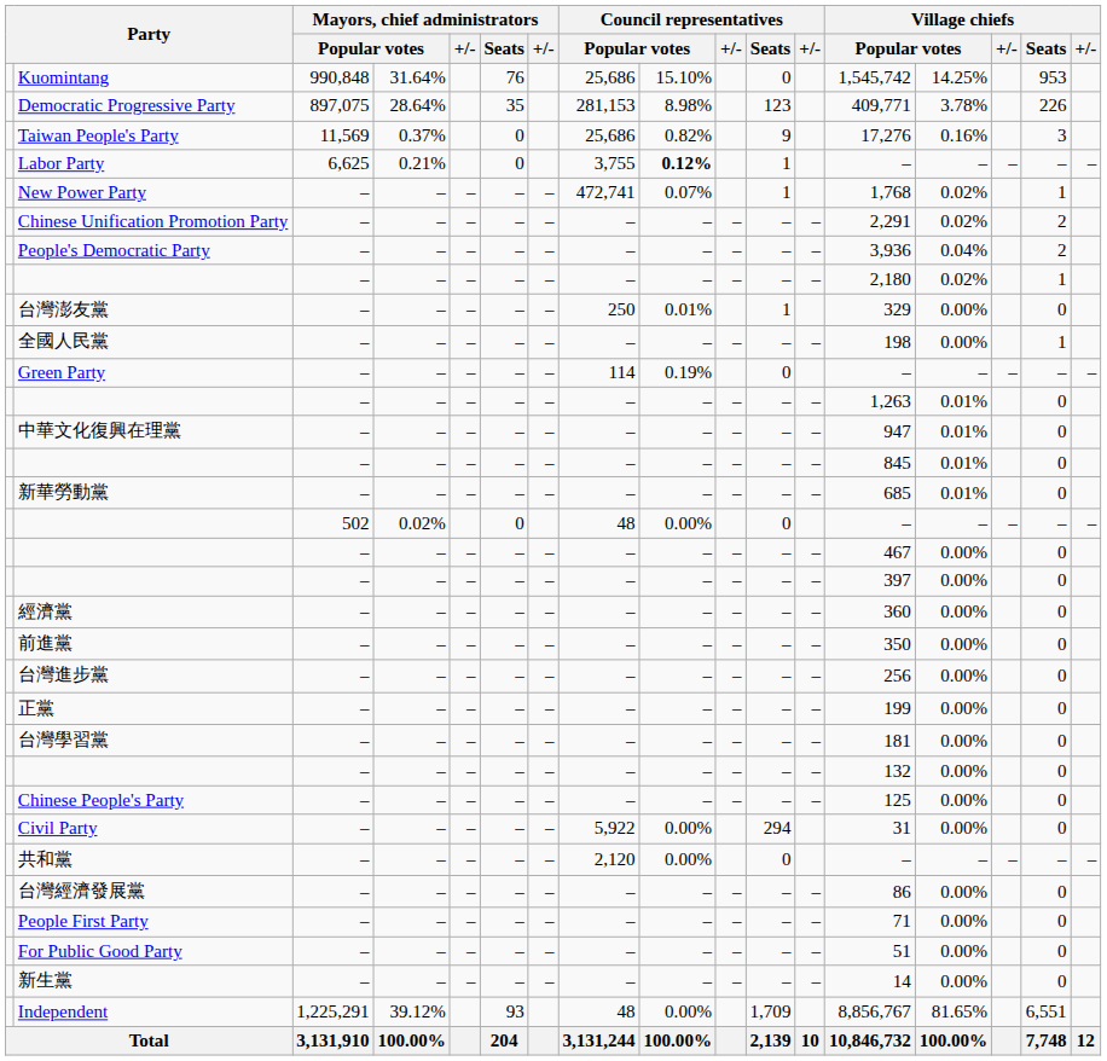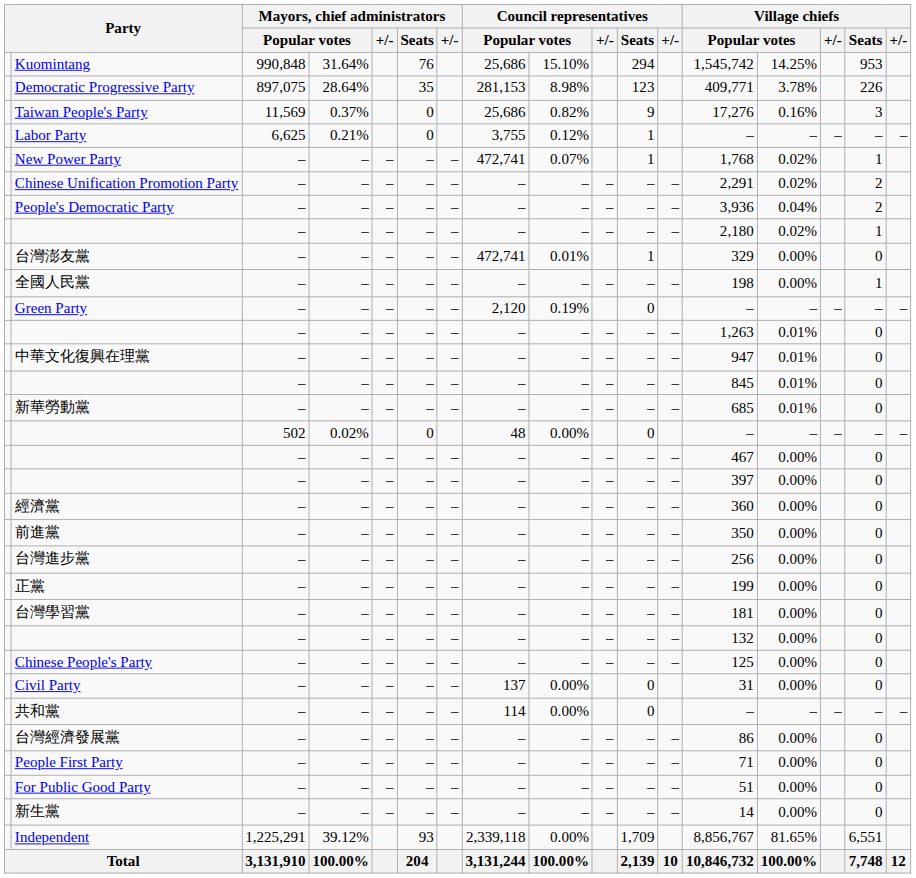 <table class="wikitable" style="text-align:right;">
 <tr>
 <th colspan="2" rowspan="2">Party</th>
 <th colspan="5">Mayors, chief administrators</th>
 <th colspan="5">Council representatives</th>
 <th colspan="5">Village chiefs</th>
 </tr>
 <tr>
 <th colspan="2">Popular votes</th>
 <th>+/-</th>
 <th>Seats</th>
 <th>+/-</th>
 <th colspan="2">Popular votes</th>
 <th>+/-</th>
 <th>Seats</th>
 <th>+/-</th>
 <th colspan="2">Popular votes</th>
 <th>+/-</th>
 <th>Seats</th>
 <th>+/-</th>
 </tr>
 <tr>
 <td></td>
 <td align="left"><a href='#'>Kuomintang</a></td>
 <td>990,848</td>
 <td>31.64%</td>
 <td></td>
 <td>76</td>
 <td></td>
 <td>25,686</td>
 <td>15.10%</td>
 <td></td>
-<td>0</td>
+<td>294</td>
 <td></td>
 <td>1,545,742</td>
 <td>14.25%</td>
 <td></td>
 <td>953</td>
 <td></td>
 </tr>
 <tr>
 <td></td>
 <td align="left"><a href='#'>Democratic Progressive Party</a></td>
 <td>897,075</td>
 <td>28.64%</td>
 <td></td>
 <td>35</td>
 <td></td>
 <td>281,153</td>
 <td>8.98%</td>
 <td></td>
 <td>123</td>
 <td></td>
 <td>409,771</td>
 <td>3.78%</td>
 <td></td>
 <td>226</td>
 <td></td>
 </tr>
 <tr>
 <td></td>
 <td align="left"><a href='#'>Taiwan People's Party</a></td>
 <td>11,569</td>
 <td>0.37%</td>
 <td></td>
 <td>0</td>
 <td></td>
 <td>25,686</td>
 <td>0.82%</td>
 <td></td>
 <td>9</td>
 <td></td>
 <td>17,276</td>
 <td>0.16%</td>
 <td></td>
 <td>3</td>
 <td></td>
 </tr>
 <tr>
 <td></td>
 <td align="left"><a href='#'>Labor Party</a></td>
 <td>6,625</td>
 <td>0.21%</td>
 <td></td>
 <td>0</td>
 <td></td>
 <td>3,755</td>
-<td><strong>0.12%</strong></td>
+<td>0.12%</td>
 <td></td>
 <td>1</td>
 <td></td>
 <td>–</td>
 <td>–</td>
 <td>–</td>
 <td>–</td>
 <td>–</td>
 </tr>
 <tr>
 <td></td>
 <td align="left"><a href='#'>New Power Party</a></td>
 <td>–</td>
 <td>–</td>
 <td>–</td>
 <td>–</td>
 <td>–</td>
 <td>472,741</td>
 <td>0.07%</td>
 <td></td>
 <td>1</td>
 <td></td>
 <td>1,768</td>
 <td>0.02%</td>
 <td></td>
 <td>1</td>
 <td></td>
 </tr>
 <tr>
 <td></td>
 <td align="left"><a href='#'>Chinese Unification Promotion Party</a></td>
 <td>–</td>
 <td>–</td>
 <td>–</td>
 <td>–</td>
 <td>–</td>
 <td>–</td>
 <td>–</td>
 <td>–</td>
 <td>–</td>
 <td>–</td>
 <td>2,291</td>
 <td>0.02%</td>
 <td></td>
 <td>2</td>
 <td></td>
 </tr>
 <tr>
 <td></td>
 <td align="left"><a href='#'>People's Democratic Party</a></td>
 <td>–</td>
 <td>–</td>
 <td>–</td>
 <td>–</td>
 <td>–</td>
 <td>–</td>
 <td>–</td>
 <td>–</td>
 <td>–</td>
 <td>–</td>
 <td>3,936</td>
 <td>0.04%</td>
 <td></td>
 <td>2</td>
 <td></td>
 </tr>
 <tr>
 <td></td>
 <td align="left"></td>
 <td>–</td>
 <td>–</td>
 <td>–</td>
 <td>–</td>
 <td>–</td>
 <td>–</td>
 <td>–</td>
 <td>–</td>
 <td>–</td>
 <td>–</td>
 <td>2,180</td>
 <td>0.02%</td>
 <td></td>
 <td>1</td>
 <td></td>
 </tr>
 <tr>
 <td></td>
 <td align="left">台灣澎友黨</td>
 <td>–</td>
 <td>–</td>
 <td>–</td>
 <td>–</td>
 <td>–</td>
-<td>250</td>
+<td>472,741</td>
 <td>0.01%</td>
 <td></td>
 <td>1</td>
 <td></td>
 <td>329</td>
 <td>0.00%</td>
 <td></td>
 <td>0</td>
 <td></td>
 </tr>
 <tr>
 <td></td>
 <td align="left">全國人民黨</td>
 <td>–</td>
 <td>–</td>
 <td>–</td>
 <td>–</td>
 <td>–</td>
 <td>–</td>
 <td>–</td>
 <td>–</td>
 <td>–</td>
 <td>–</td>
 <td>198</td>
 <td>0.00%</td>
 <td></td>
 <td>1</td>
 <td></td>
 </tr>
 <tr>
 <td></td>
 <td align="left"><a href='#'>Green Party</a></td>
 <td>–</td>
 <td>–</td>
 <td>–</td>
 <td>–</td>
 <td>–</td>
-<td>114</td>
+<td>2,120</td>
 <td>0.19%</td>
 <td></td>
 <td>0</td>
 <td></td>
 <td>–</td>
 <td>–</td>
 <td>–</td>
 <td>–</td>
 <td>–</td>
 </tr>
 <tr>
 <td></td>
 <td align="left"></td>
 <td>–</td>
 <td>–</td>
 <td>–</td>
 <td>–</td>
 <td>–</td>
 <td>–</td>
 <td>–</td>
 <td>–</td>
 <td>–</td>
 <td>–</td>
 <td>1,263</td>
 <td>0.01%</td>
 <td></td>
 <td>0</td>
 <td></td>
 </tr>
 <tr>
 <td></td>
 <td align="left">中華文化復興在理黨</td>
 <td>–</td>
 <td>–</td>
 <td>–</td>
 <td>–</td>
 <td>–</td>
 <td>–</td>
 <td>–</td>
 <td>–</td>
 <td>–</td>
 <td>–</td>
 <td>947</td>
 <td>0.01%</td>
 <td></td>
 <td>0</td>
 <td></td>
 </tr>
 <tr>
 <td></td>
 <td align="left"></td>
 <td>–</td>
 <td>–</td>
 <td>–</td>
 <td>–</td>
 <td>–</td>
 <td>–</td>
 <td>–</td>
 <td>–</td>
 <td>–</td>
 <td>–</td>
 <td>845</td>
 <td>0.01%</td>
 <td></td>
 <td>0</td>
 <td></td>
 </tr>
 <tr>
 <td></td>
 <td align="left">新華勞動黨</td>
 <td>–</td>
 <td>–</td>
 <td>–</td>
 <td>–</td>
 <td>–</td>
 <td>–</td>
 <td>–</td>
 <td>–</td>
 <td>–</td>
 <td>–</td>
 <td>685</td>
 <td>0.01%</td>
 <td></td>
 <td>0</td>
 <td></td>
 </tr>
 <tr>
 <td></td>
 <td align="left"></td>
 <td>502</td>
 <td>0.02%</td>
 <td></td>
 <td>0</td>
 <td></td>
 <td>48</td>
 <td>0.00%</td>
 <td></td>
 <td>0</td>
 <td></td>
 <td>–</td>
 <td>–</td>
 <td>–</td>
 <td>–</td>
 <td>–</td>
 </tr>
 <tr>
 <td></td>
 <td align="left"></td>
 <td>–</td>
 <td>–</td>
 <td>–</td>
 <td>–</td>
 <td>–</td>
 <td>–</td>
 <td>–</td>
 <td>–</td>
 <td>–</td>
 <td>–</td>
 <td>467</td>
 <td>0.00%</td>
 <td></td>
 <td>0</td>
 <td></td>
 </tr>
 <tr>
 <td></td>
 <td align="left"></td>
 <td>–</td>
 <td>–</td>
 <td>–</td>
 <td>–</td>
 <td>–</td>
 <td>–</td>
 <td>–</td>
 <td>–</td>
 <td>–</td>
 <td>–</td>
 <td>397</td>
 <td>0.00%</td>
 <td></td>
 <td>0</td>
 <td></td>
 </tr>
 <tr>
 <td></td>
 <td align="left">經濟黨</td>
 <td>–</td>
 <td>–</td>
 <td>–</td>
 <td>–</td>
 <td>–</td>
 <td>–</td>
 <td>–</td>
 <td>–</td>
 <td>–</td>
 <td>–</td>
 <td>360</td>
 <td>0.00%</td>
 <td></td>
 <td>0</td>
 <td></td>
 </tr>
 <tr>
 <td></td>
 <td align="left">前進黨</td>
 <td>–</td>
 <td>–</td>
 <td>–</td>
 <td>–</td>
 <td>–</td>
 <td>–</td>
 <td>–</td>
 <td>–</td>
 <td>–</td>
 <td>–</td>
 <td>350</td>
 <td>0.00%</td>
 <td></td>
 <td>0</td>
 <td></td>
 </tr>
 <tr>
 <td></td>
 <td align="left">台灣進步黨</td>
 <td>–</td>
 <td>–</td>
 <td>–</td>
 <td>–</td>
 <td>–</td>
 <td>–</td>
 <td>–</td>
 <td>–</td>
 <td>–</td>
 <td>–</td>
 <td>256</td>
 <td>0.00%</td>
 <td></td>
 <td>0</td>
 <td></td>
 </tr>
 <tr>
 <td></td>
 <td align="left">正黨</td>
 <td>–</td>
 <td>–</td>
 <td>–</td>
 <td>–</td>
 <td>–</td>
 <td>–</td>
 <td>–</td>
 <td>–</td>
 <td>–</td>
 <td>–</td>
 <td>199</td>
 <td>0.00%</td>
 <td></td>
 <td>0</td>
 <td></td>
 </tr>
 <tr>
 <td></td>
 <td align="left">台灣學習黨</td>
 <td>–</td>
 <td>–</td>
 <td>–</td>
 <td>–</td>
 <td>–</td>
 <td>–</td>
 <td>–</td>
 <td>–</td>
 <td>–</td>
 <td>–</td>
 <td>181</td>
 <td>0.00%</td>
 <td></td>
 <td>0</td>
 <td></td>
 </tr>
 <tr>
 <td></td>
 <td align="left"></td>
 <td>–</td>
 <td>–</td>
 <td>–</td>
 <td>–</td>
 <td>–</td>
 <td>–</td>
 <td>–</td>
 <td>–</td>
 <td>–</td>
 <td>–</td>
 <td>132</td>
 <td>0.00%</td>
 <td></td>
 <td>0</td>
 <td></td>
 </tr>
 <tr>
 <td></td>
 <td align="left"><a href='#'>Chinese People's Party</a></td>
 <td>–</td>
 <td>–</td>
 <td>–</td>
 <td>–</td>
 <td>–</td>
 <td>–</td>
 <td>–</td>
 <td>–</td>
 <td>–</td>
 <td>–</td>
 <td>125</td>
 <td>0.00%</td>
 <td></td>
 <td>0</td>
 <td></td>
 </tr>
 <tr>
 <td></td>
 <td align="left"><a href='#'>Civil Party</a></td>
 <td>–</td>
 <td>–</td>
 <td>–</td>
 <td>–</td>
 <td>–</td>
-<td>5,922</td>
+<td>137</td>
 <td>0.00%</td>
 <td></td>
-<td>294</td>
+<td>0</td>
 <td></td>
 <td>31</td>
 <td>0.00%</td>
 <td></td>
 <td>0</td>
 <td></td>
 </tr>
 <tr>
 <td></td>
 <td align="left">共和黨</td>
 <td>–</td>
 <td>–</td>
 <td>–</td>
 <td>–</td>
 <td>–</td>
-<td>2,120</td>
+<td>114</td>
 <td>0.00%</td>
 <td></td>
 <td>0</td>
 <td></td>
 <td>–</td>
 <td>–</td>
 <td>–</td>
 <td>–</td>
 <td>–</td>
 </tr>
 <tr>
 <td></td>
 <td align="left">台灣經濟發展黨</td>
 <td>–</td>
 <td>–</td>
 <td>–</td>
 <td>–</td>
 <td>–</td>
 <td>–</td>
 <td>–</td>
 <td>–</td>
 <td>–</td>
 <td>–</td>
 <td>86</td>
 <td>0.00%</td>
 <td></td>
 <td>0</td>
 <td></td>
 </tr>
 <tr>
 <td></td>
 <td align="left"><a href='#'>People First Party</a></td>
 <td>–</td>
 <td>–</td>
 <td>–</td>
 <td>–</td>
 <td>–</td>
 <td>–</td>
 <td>–</td>
 <td>–</td>
 <td>–</td>
 <td>–</td>
 <td>71</td>
 <td>0.00%</td>
 <td></td>
 <td>0</td>
 <td></td>
 </tr>
 <tr>
 <td></td>
 <td align="left"><a href='#'>For Public Good Party</a></td>
 <td>–</td>
 <td>–</td>
 <td>–</td>
 <td>–</td>
 <td>–</td>
 <td>–</td>
 <td>–</td>
 <td>–</td>
 <td>–</td>
 <td>–</td>
 <td>51</td>
 <td>0.00%</td>
 <td></td>
 <td>0</td>
 <td></td>
 </tr>
 <tr>
 <td></td>
 <td align="left">新生黨</td>
 <td>–</td>
 <td>–</td>
 <td>–</td>
 <td>–</td>
 <td>–</td>
 <td>–</td>
 <td>–</td>
 <td>–</td>
 <td>–</td>
 <td>–</td>
 <td>14</td>
 <td>0.00%</td>
 <td></td>
 <td>0</td>
 <td></td>
 </tr>
 <tr>
 <td></td>
 <td align="left"><a href='#'>Independent</a></td>
 <td>1,225,291</td>
 <td>39.12%</td>
 <td></td>
 <td>93</td>
 <td></td>
-<td>48</td>
+<td>2,339,118</td>
 <td>0.00%</td>
 <td></td>
 <td>1,709</td>
 <td></td>
 <td>8,856,767</td>
 <td>81.65%</td>
 <td></td>
 <td>6,551</td>
 <td></td>
 </tr>
 <tr>
 <th colspan="2">Total</th>
 <th>3,131,910</th>
 <th>100.00%</th>
 <th></th>
 <th>204</th>
 <th></th>
 <th>3,131,244</th>
 <th>100.00%</th>
 <th></th>
 <th>2,139</th>
 <th>10</th>
 <th>10,846,732</th>
 <th>100.00%</th>
 <th></th>
 <th>7,748</th>
 <th>12</th>
 </tr>
 </table>
